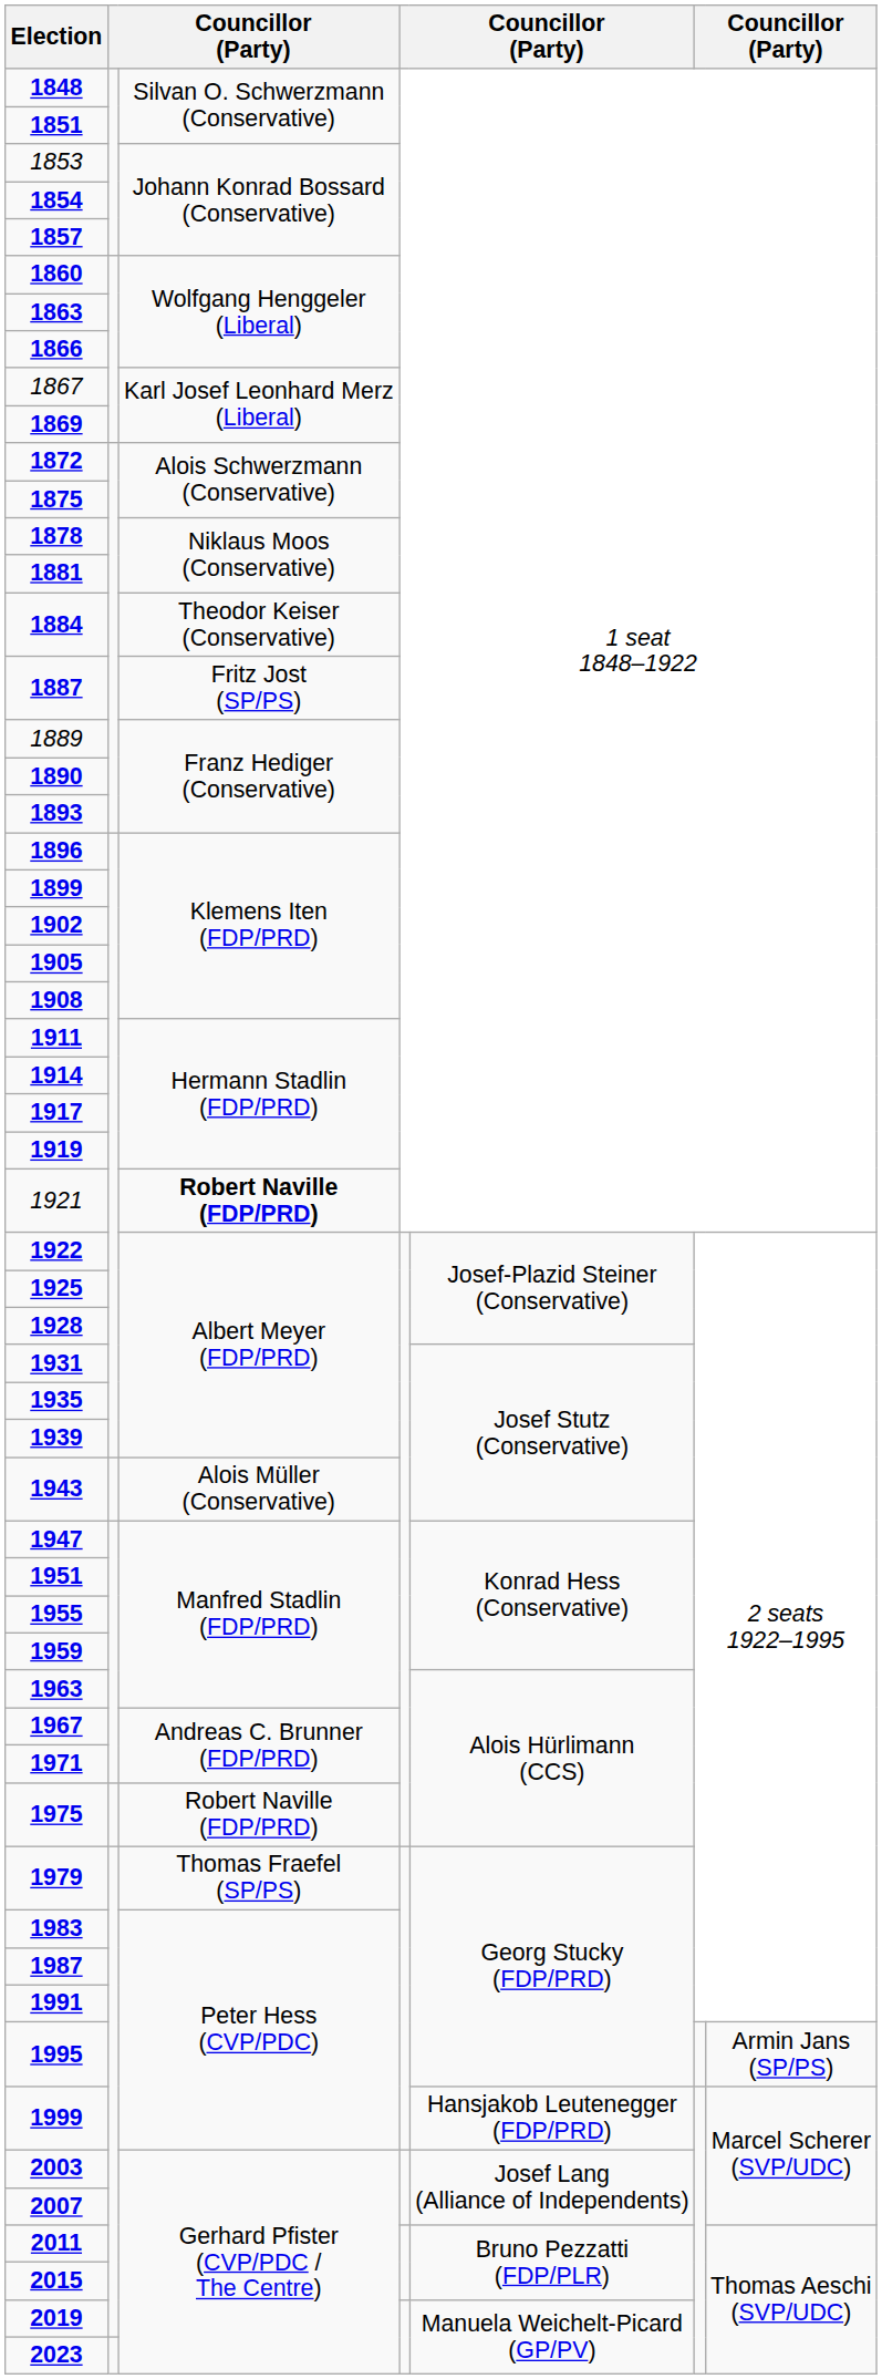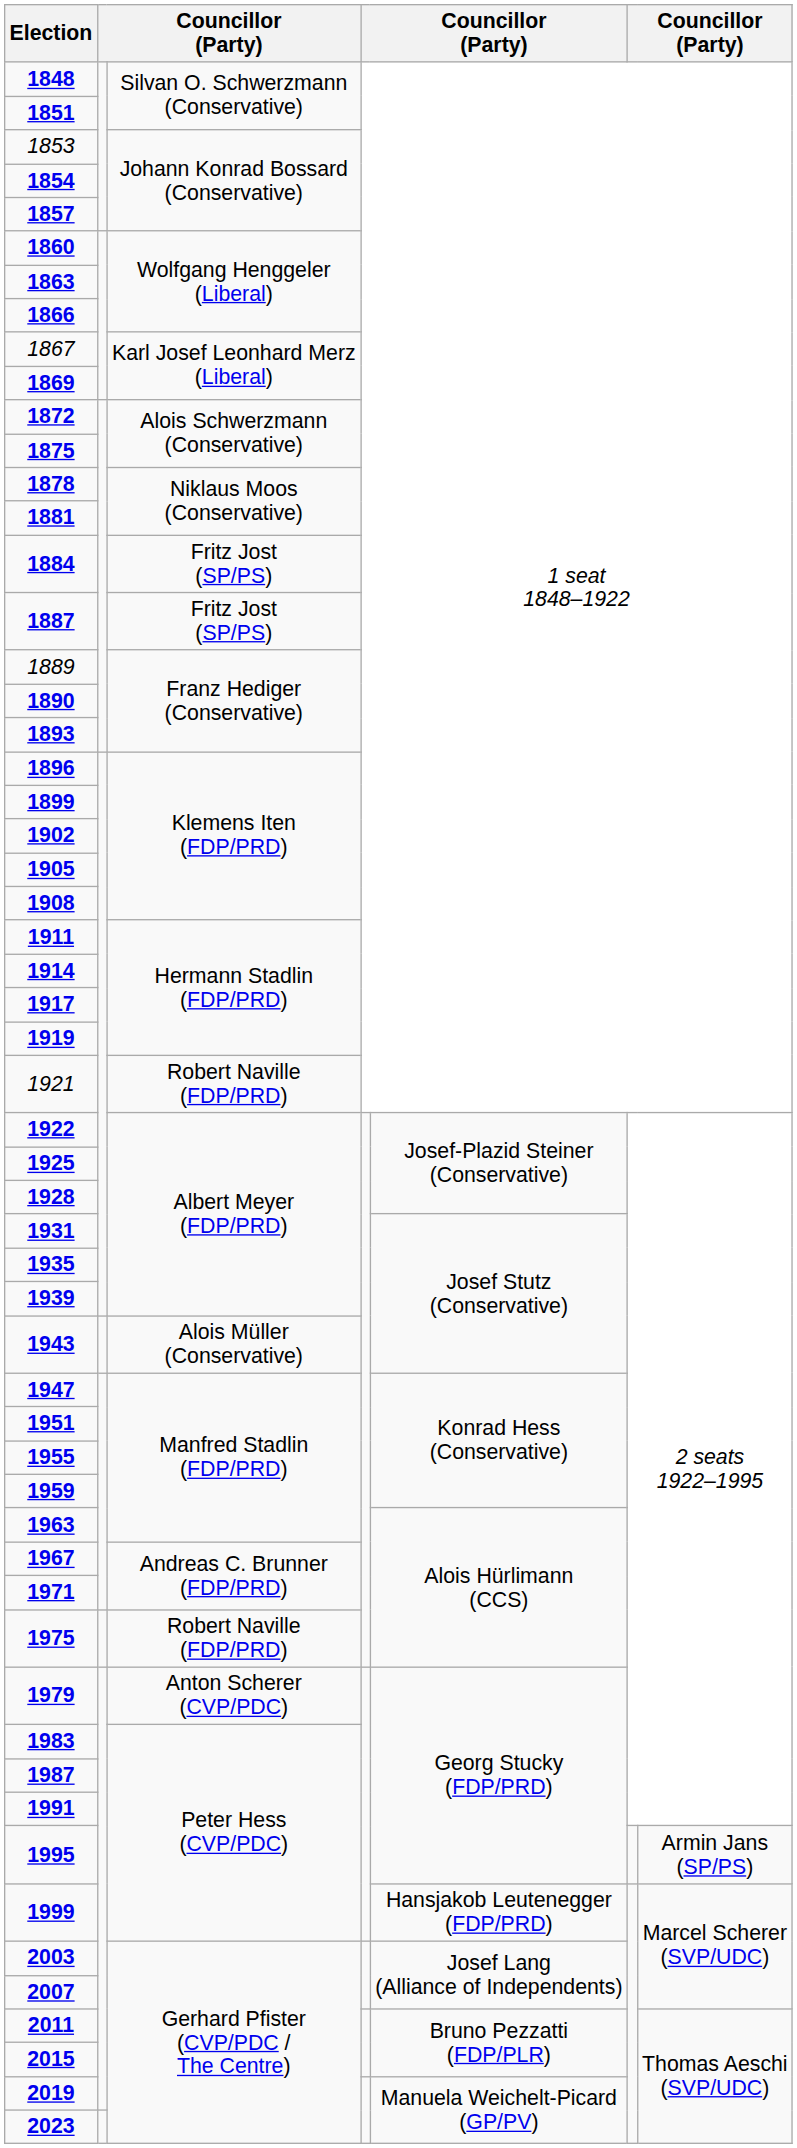 <table class="wikitable" style="text-align:center">
 <tr>
 <th>Election</th>
 <th colspan=2>Councillor<br>(Party)</th>
 <th colspan=2>Councillor<br>(Party)</th>
 <th colspan=2>Councillor<br>(Party)</th>
 </tr>
 <tr>
 <td><strong><a href='#'>1848</a></strong></td>
 <td rowspan=5; style="background-color: "></td>
 <td rowspan=2>Silvan O. Schwerzmann<br>(Conservative)</td>
 <td style="background-color:#FFFFFF" colspan=4 rowspan=29><em>1 seat<br>1848–1922</em></td>
 </tr>
 <tr>
 <td><strong><a href='#'>1851</a></strong></td>
 </tr>
 <tr>
 <td><em>1853</em></td>
 <td rowspan=3>Johann Konrad Bossard<br>(Conservative)</td>
 </tr>
 <tr>
 <td><strong><a href='#'>1854</a></strong></td>
 </tr>
 <tr>
 <td><strong><a href='#'>1857</a></strong></td>
 </tr>
 <tr>
 <td><strong><a href='#'>1860</a></strong></td>
 <td rowspan=5; style="background-color: "></td>
 <td rowspan=3>Wolfgang Henggeler<br>(<a href='#'>Liberal</a>)</td>
 </tr>
 <tr>
 <td><strong><a href='#'>1863</a></strong></td>
 </tr>
 <tr>
 <td><strong><a href='#'>1866</a></strong></td>
 </tr>
 <tr>
 <td><em>1867</em></td>
 <td rowspan=2>Karl Josef Leonhard Merz<br>(<a href='#'>Liberal</a>)</td>
 </tr>
 <tr>
 <td><strong><a href='#'>1869</a></strong></td>
 </tr>
 <tr>
 <td><strong><a href='#'>1872</a></strong></td>
 <td rowspan=9; style="background-color: "></td>
 <td rowspan=2>Alois Schwerzmann<br>(Conservative)</td>
 </tr>
 <tr>
 <td><strong><a href='#'>1875</a></strong></td>
 </tr>
 <tr>
 <td><strong><a href='#'>1878</a></strong></td>
 <td rowspan=2>Niklaus Moos<br>(Conservative)</td>
 </tr>
 <tr>
 <td><strong><a href='#'>1881</a></strong></td>
 </tr>
 <tr>
 <td><strong><a href='#'>1884</a></strong></td>
-<td rowspan=1>Theodor Keiser<br>(Conservative)</td>
+<td rowspan=1>Fritz Jost<br>(<a href='#'>SP/PS</a>)</td>
 </tr>
 <tr>
 <td><strong><a href='#'>1887</a></strong></td>
 <td rowspan=1>Fritz Jost<br>(<a href='#'>SP/PS</a>)</td>
 </tr>
 <tr>
 <td><em>1889</em></td>
 <td rowspan=3>Franz Hediger<br>(Conservative)</td>
 </tr>
 <tr>
 <td><strong><a href='#'>1890</a></strong></td>
 </tr>
 <tr>
 <td><strong><a href='#'>1893</a></strong></td>
 </tr>
 <tr>
 <td><strong><a href='#'>1896</a></strong></td>
 <td rowspan=16; style="background-color: "></td>
 <td rowspan=5>Klemens Iten<br>(<a href='#'>FDP/PRD</a>)</td>
 </tr>
 <tr>
 <td><strong><a href='#'>1899</a></strong></td>
 </tr>
 <tr>
 <td><strong><a href='#'>1902</a></strong></td>
 </tr>
 <tr>
 <td><strong><a href='#'>1905</a></strong></td>
 </tr>
 <tr>
 <td><strong><a href='#'>1908</a></strong></td>
 </tr>
 <tr>
 <td><strong><a href='#'>1911</a></strong></td>
 <td rowspan=4>Hermann Stadlin<br>(<a href='#'>FDP/PRD</a>)</td>
 </tr>
 <tr>
 <td><strong><a href='#'>1914</a></strong></td>
 </tr>
 <tr>
 <td><strong><a href='#'>1917</a></strong></td>
 </tr>
 <tr>
 <td><strong><a href='#'>1919</a></strong></td>
 </tr>
 <tr>
 <td><em>1921</em></td>
-<td rowspan=1><strong>Robert Naville<br>(<a href='#'>FDP/PRD</a>)</strong></td>
+<td rowspan=1>Robert Naville<br>(<a href='#'>FDP/PRD</a>)</td>
 </tr>
 <tr>
 <td><strong><a href='#'>1922</a></strong></td>
 <td rowspan=6>Albert Meyer<br>(<a href='#'>FDP/PRD</a>)</td>
 <td rowspan=15; style="background-color: "></td>
 <td rowspan=3>Josef-Plazid Steiner<br>(Conservative)</td>
 <td style="background-color:#FFFFFF" colspan=2 rowspan=19><em>2 seats<br>1922–1995</em></td>
 </tr>
 <tr>
 <td><strong><a href='#'>1925</a></strong></td>
 </tr>
 <tr>
 <td><strong><a href='#'>1928</a></strong></td>
 </tr>
 <tr>
 <td><strong><a href='#'>1931</a></strong></td>
 <td rowspan=4>Josef Stutz<br>(Conservative)</td>
 </tr>
 <tr>
 <td><strong><a href='#'>1935</a></strong></td>
 </tr>
 <tr>
 <td><strong><a href='#'>1939</a></strong></td>
 </tr>
 <tr>
 <td><strong><a href='#'>1943</a></strong></td>
 <td rowspan=1; style="background-color: "></td>
 <td rowspan=1>Alois Müller<br>(Conservative)</td>
 </tr>
 <tr>
 <td><strong><a href='#'>1947</a></strong></td>
 <td rowspan=7; style="background-color: "></td>
 <td rowspan=5>Manfred Stadlin<br>(<a href='#'>FDP/PRD</a>)</td>
 <td rowspan=4>Konrad Hess<br>(Conservative)</td>
 </tr>
 <tr>
 <td><strong><a href='#'>1951</a></strong></td>
 </tr>
 <tr>
 <td><strong><a href='#'>1955</a></strong></td>
 </tr>
 <tr>
 <td><strong><a href='#'>1959</a></strong></td>
 </tr>
 <tr>
 <td><strong><a href='#'>1963</a></strong></td>
 <td rowspan=4>Alois Hürlimann<br>(CCS)</td>
 </tr>
 <tr>
 <td><strong><a href='#'>1967</a></strong></td>
 <td rowspan=2>Andreas C. Brunner<br>(<a href='#'>FDP/PRD</a>)</td>
 </tr>
 <tr>
 <td><strong><a href='#'>1971</a></strong></td>
 </tr>
 <tr>
 <td><strong><a href='#'>1975</a></strong></td>
 <td rowspan=1; style="background-color: "></td>
 <td rowspan=1>Robert Naville<br>(<a href='#'>FDP/PRD</a>)</td>
 </tr>
 <tr>
 <td><strong><a href='#'>1979</a></strong></td>
 <td rowspan=11; style="background-color: "></td>
-<td rowspan=1>Thomas Fraefel<br>(<a href='#'>SP/PS</a>)</td>
+<td rowspan=1>Anton Scherer<br>(<a href='#'>CVP/PDC</a>)</td>
 <td rowspan=6; style="background-color: "></td>
 <td rowspan=5>Georg Stucky<br>(<a href='#'>FDP/PRD</a>)</td>
 </tr>
 <tr>
 <td><strong><a href='#'>1983</a></strong></td>
 <td rowspan=5>Peter Hess<br>(<a href='#'>CVP/PDC</a>)</td>
 </tr>
 <tr>
 <td><strong><a href='#'>1987</a></strong></td>
 </tr>
 <tr>
 <td><strong><a href='#'>1991</a></strong></td>
 </tr>
 <tr>
 <td><strong><a href='#'>1995</a></strong></td>
 <td rowspan=1; style="background-color: "></td>
 <td rowspan=1>Armin Jans<br>(<a href='#'>SP/PS</a>)</td>
 </tr>
 <tr>
 <td><strong><a href='#'>1999</a></strong></td>
 <td rowspan=1>Hansjakob Leutenegger<br>(<a href='#'>FDP/PRD</a>)</td>
 <td rowspan=7; style="background-color: "></td>
 <td rowspan=3>Marcel Scherer<br>(<a href='#'>SVP/UDC</a>)</td>
 </tr>
 <tr>
 <td><strong><a href='#'>2003</a></strong></td>
 <td rowspan=6>Gerhard Pfister<br>(<a href='#'>CVP/PDC</a> /<br><a href='#'>The Centre</a>)</td>
 <td rowspan=2; style="background-color: "></td>
 <td rowspan=2>Josef Lang<br>(Alliance of Independents)</td>
 </tr>
 <tr>
 <td><strong><a href='#'>2007</a></strong></td>
 </tr>
 <tr>
 <td><strong><a href='#'>2011</a></strong></td>
 <td rowspan=2; style="background-color: "></td>
 <td rowspan=2>Bruno Pezzatti<br>(<a href='#'>FDP/PLR</a>)</td>
 <td rowspan=4>Thomas Aeschi<br>(<a href='#'>SVP/UDC</a>)</td>
 </tr>
 <tr>
 <td><strong><a href='#'>2015</a></strong></td>
 </tr>
 <tr>
 <td><strong><a href='#'>2019</a></strong></td>
 <td rowspan=2; style="background-color: "></td>
 <td rowspan=2>Manuela Weichelt-Picard<br>(<a href='#'>GP/PV</a>)</td>
 </tr>
 <tr>
 <td><strong><a href='#'>2023</a></strong></td>
 <td rowspan=1; style="background-color: "></td>
 </tr>
 </table>
